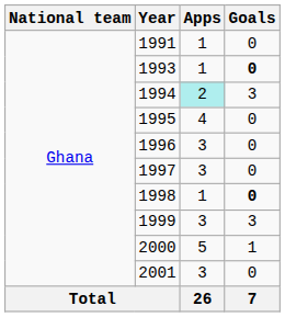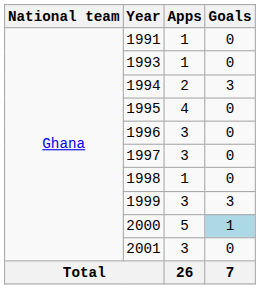 <table class="wikitable" style="text-align:center">
 <tr>
 <th>National team</th>
 <th>Year</th>
 <th>Apps</th>
 <th>Goals</th>
 </tr>
 <tr>
 <td rowspan="10"><a href='#'>Ghana</a></td>
 <td>1991</td>
 <td>1</td>
 <td>0</td>
 </tr>
 <tr>
 <td>1993</td>
 <td>1</td>
-<td><strong>0</strong></td>
+<td>0</td>
 </tr>
 <tr>
 <td>1994</td>
-<td style="background: paleturquoise;">2</td>
+<td>2</td>
 <td>3</td>
 </tr>
 <tr>
 <td>1995</td>
 <td>4</td>
 <td>0</td>
 </tr>
 <tr>
 <td>1996</td>
 <td>3</td>
 <td>0</td>
 </tr>
 <tr>
 <td>1997</td>
 <td>3</td>
 <td>0</td>
 </tr>
 <tr>
 <td>1998</td>
 <td>1</td>
-<td><strong>0</strong></td>
+<td>0</td>
 </tr>
 <tr>
 <td>1999</td>
 <td>3</td>
 <td>3</td>
 </tr>
 <tr>
 <td>2000</td>
 <td>5</td>
-<td>1</td>
+<td style="background: lightblue;">1</td>
 </tr>
 <tr>
 <td>2001</td>
 <td>3</td>
 <td>0</td>
 </tr>
 <tr>
 <th colspan="2">Total</th>
 <th>26</th>
 <th>7</th>
 </tr>
 </table>
